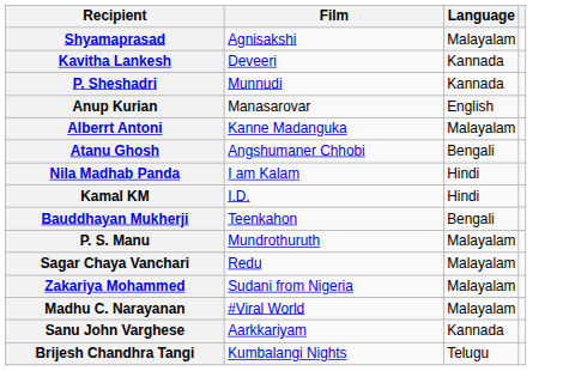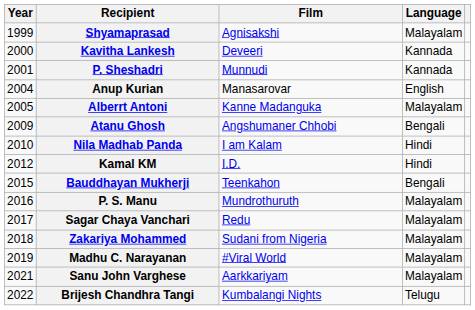 <table class="wikitable plainrowheaders sortable">
 <tr>
+<th scope="col" width="20px">Year</th>
 <th scope="col" width="240px">Recipient</th>
 <th scope="col" width="240px">Film</th>
 <th>Language</th>
 <th scope="col" class="unsortable"></th>
 </tr>
 <tr>
+<td>1999</td>
 <th scope="row"><a href='#'>Shyamaprasad</a></th>
 <td><a href='#'>Agnisakshi</a></td>
 <td>Malayalam</td>
 <td style="text-align:center;"></td>
 </tr>
 <tr>
+<td>2000</td>
 <th scope="row"><a href='#'>Kavitha Lankesh</a></th>
 <td><a href='#'>Deveeri</a></td>
 <td>Kannada</td>
 <td style="text-align:center;"></td>
 </tr>
 <tr>
+<td>2001</td>
 <th scope="row"><a href='#'>P. Sheshadri</a></th>
 <td><a href='#'>Munnudi</a></td>
 <td>Kannada</td>
 <td style="text-align:center;"></td>
 </tr>
 <tr>
+<td>2004</td>
 <th scope="row">Anup Kurian</th>
 <td>Manasarovar</td>
 <td>English</td>
 <td style="text-align:center;"></td>
 </tr>
 <tr>
+<td>2005</td>
 <th scope="row"><a href='#'>Alberrt Antoni</a></th>
 <td><a href='#'>Kanne Madanguka</a></td>
 <td>Malayalam</td>
 <td style="text-align:center;"></td>
 </tr>
 <tr>
+<td>2009</td>
 <th scope="row"><a href='#'>Atanu Ghosh</a></th>
 <td><a href='#'>Angshumaner Chhobi</a></td>
 <td>Bengali</td>
 <td style="text-align:center;"></td>
 </tr>
 <tr>
+<td>2010</td>
 <th scope="row"><a href='#'>Nila Madhab Panda</a></th>
 <td><a href='#'>I am Kalam</a></td>
 <td>Hindi</td>
 <td style="text-align:center;"></td>
 </tr>
 <tr>
+<td>2012</td>
 <th scope="row">Kamal KM</th>
 <td><a href='#'>I.D.</a></td>
 <td>Hindi</td>
 <td style="text-align:center;"></td>
 </tr>
 <tr>
+<td>2015</td>
 <th scope="row"><a href='#'>Bauddhayan Mukherji</a></th>
 <td><a href='#'>Teenkahon</a></td>
 <td>Bengali</td>
 <td style="text-align:center;"></td>
 </tr>
 <tr>
+<td>2016</td>
 <th scope="row">P. S. Manu</th>
 <td><a href='#'>Mundrothuruth</a></td>
 <td>Malayalam</td>
 <td style="text-align:center;"></td>
 </tr>
 <tr>
+<td>2017</td>
 <th scope="row">Sagar Chaya Vanchari</th>
 <td><a href='#'>Redu</a></td>
 <td>Malayalam</td>
 <td style="text-align:center;"></td>
 </tr>
 <tr>
+<td>2018</td>
 <th scope="row"><a href='#'>Zakariya Mohammed</a></th>
 <td><a href='#'>Sudani from Nigeria</a></td>
 <td>Malayalam</td>
 <td style="text-align:center;"></td>
 </tr>
 <tr>
+<td>2019</td>
 <th scope="row">Madhu C. Narayanan</th>
 <td><a href='#'>#Viral World</a></td>
 <td>Malayalam</td>
 <td style="text-align:center"></td>
 </tr>
 <tr>
+<td>2021</td>
 <th scope="row">Sanu John Varghese</th>
 <td><a href='#'>Aarkkariyam</a></td>
-<td>Kannada</td>
+<td>Malayalam</td>
 <td style="text-align:center"></td>
 </tr>
 <tr>
+<td>2022</td>
 <th scope="row">Brijesh Chandhra Tangi</th>
 <td><a href='#'>Kumbalangi Nights</a></td>
 <td>Telugu</td>
 <td style="text-align:center"></td>
 </tr>
 </table>
